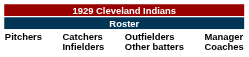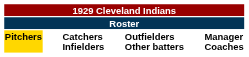 <table class="toccolours" style="font-size: 95%;">
 <tr>
 <th colspan="10" style="background-color: #990000; color: white; text-align: center;">1929 Cleveland Indians</th>
 </tr>
 <tr>
 <td colspan="10" style="background-color: #023456; color: white; text-align: center;"><strong>Roster</strong></td>
 </tr>
 <tr>
-<td valign="top"><strong>Pitchers</strong><br>           </td>
+<td valign="top" style="background: gold;"><strong>Pitchers</strong><br>           </td>
 <td width="25px"></td>
 <td valign="top"><strong>Catchers</strong><br>   <strong>Infielders</strong>        </td>
 <td width="25px"></td>
 <td valign="top"><strong>Outfielders</strong><br>     <strong>Other batters</strong> </td>
 <td width="25px"></td>
 <td valign="top"><strong>Manager</strong><br> <strong>Coaches</strong>  </td>
 </tr>
 </table>
